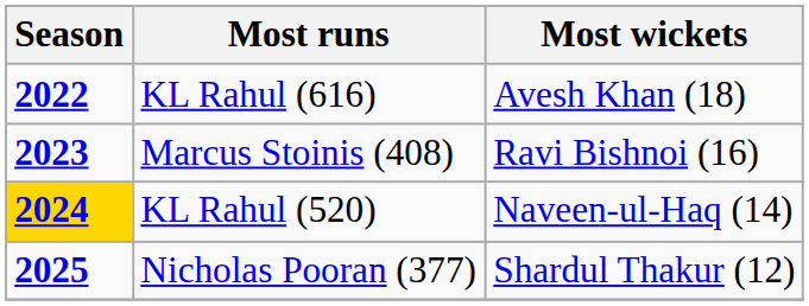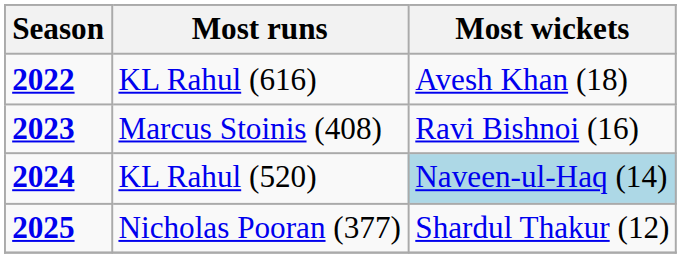 <table class="wikitable">
 <tr>
 <th>Season</th>
 <th>Most runs</th>
 <th>Most wickets</th>
 </tr>
 <tr>
 <td><a href='#'><strong>2022</strong></a></td>
 <td><a href='#'>KL Rahul</a> (616)</td>
 <td><a href='#'>Avesh Khan</a> (18)</td>
 </tr>
 <tr>
 <td><a href='#'><strong>2023</strong></a></td>
 <td><a href='#'>Marcus Stoinis</a> (408)</td>
 <td><a href='#'>Ravi Bishnoi</a> (16)</td>
 </tr>
 <tr>
-<td style="background: gold;"><a href='#'><strong>2024</strong></a></td>
+<td><a href='#'><strong>2024</strong></a></td>
 <td><a href='#'>KL Rahul</a> (520)</td>
-<td><a href='#'>Naveen-ul-Haq</a> (14)</td>
+<td style="background: lightblue;"><a href='#'>Naveen-ul-Haq</a> (14)</td>
 </tr>
 <tr>
 <td><a href='#'><strong>2025</strong></a></td>
 <td><a href='#'>Nicholas Pooran</a> (377)</td>
 <td><a href='#'>Shardul Thakur</a> (12)</td>
 </tr>
 <tr>
 </tr>
 </table>
